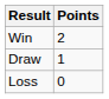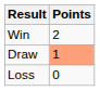 <table class=wikitable>
 <tr>
 <th>Result</th>
 <th>Points</th>
 </tr>
 <tr>
 <td>Win</td>
 <td>2</td>
 </tr>
 <tr>
 <td>Draw</td>
-<td>1</td>
+<td style="background: lightsalmon;">1</td>
 </tr>
 <tr>
 <td>Loss</td>
 <td>0</td>
 </tr>
 </table>
